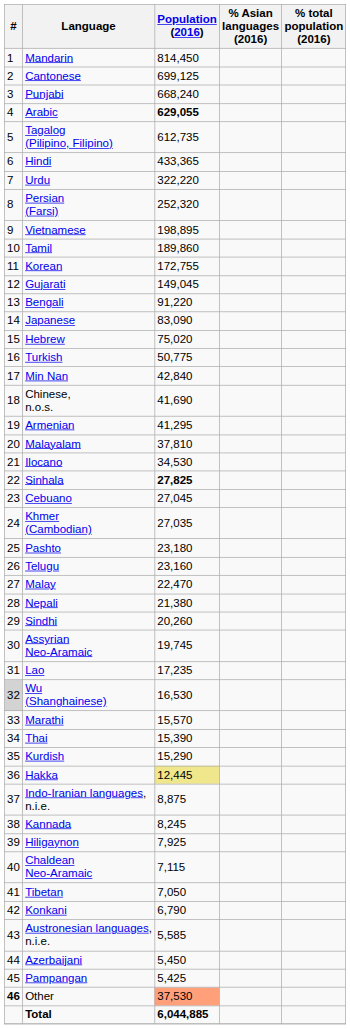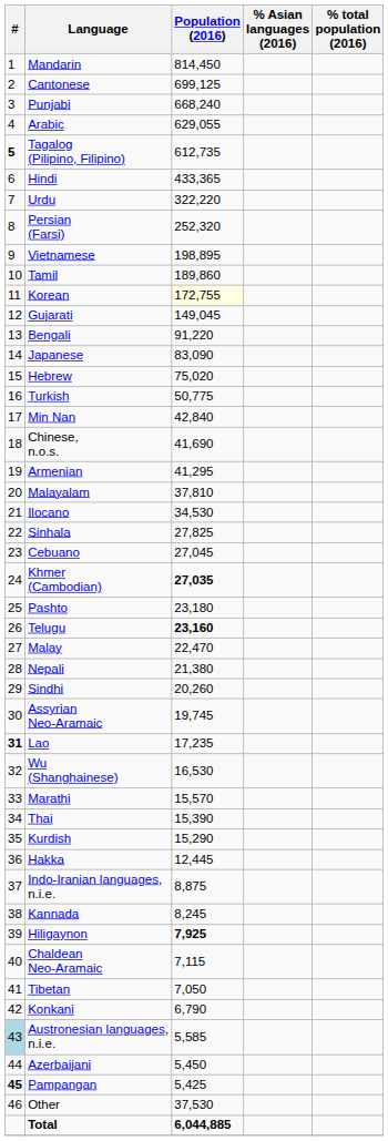 <table class="wikitable sortable">
 <tr>
 <th>#</th>
 <th>Language</th>
 <th><a href='#'>Population</a><br>(<a href='#'>2016</a>)</th>
 <th>% Asian<br>languages<br>(2016)</th>
 <th>% total<br>population<br>(2016)</th>
 </tr>
 <tr>
 <td>1</td>
 <td><a href='#'>Mandarin</a></td>
 <td>814,450</td>
 <td></td>
 <td></td>
 </tr>
 <tr>
 <td>2</td>
 <td><a href='#'>Cantonese</a></td>
 <td>699,125</td>
 <td></td>
 <td></td>
 </tr>
 <tr>
 <td>3</td>
 <td><a href='#'>Punjabi</a></td>
 <td>668,240</td>
 <td></td>
 <td></td>
 </tr>
 <tr>
 <td>4</td>
 <td><a href='#'>Arabic</a></td>
-<td><strong>629,055</strong></td>
+<td>629,055</td>
 <td></td>
 <td></td>
 </tr>
 <tr>
-<td>5</td>
+<td><strong>5</strong></td>
 <td><a href='#'>Tagalog<br>(Pilipino, Filipino)</a></td>
 <td>612,735</td>
 <td></td>
 <td></td>
 </tr>
 <tr>
 <td>6</td>
 <td><a href='#'>Hindi</a></td>
 <td>433,365</td>
 <td></td>
 <td></td>
 </tr>
 <tr>
 <td>7</td>
 <td><a href='#'>Urdu</a></td>
 <td>322,220</td>
 <td></td>
 <td></td>
 </tr>
 <tr>
 <td>8</td>
 <td><a href='#'>Persian<br>(Farsi)</a></td>
 <td>252,320</td>
 <td></td>
 <td></td>
 </tr>
 <tr>
 <td>9</td>
 <td><a href='#'>Vietnamese</a></td>
 <td>198,895</td>
 <td></td>
 <td></td>
 </tr>
 <tr>
 <td>10</td>
 <td><a href='#'>Tamil</a></td>
 <td>189,860</td>
 <td></td>
 <td></td>
 </tr>
 <tr>
 <td>11</td>
 <td><a href='#'>Korean</a></td>
-<td>172,755</td>
+<td style="background: lightyellow;">172,755</td>
 <td></td>
 <td></td>
 </tr>
 <tr>
 <td>12</td>
 <td><a href='#'>Gujarati</a></td>
 <td>149,045</td>
 <td></td>
 <td></td>
 </tr>
 <tr>
 <td>13</td>
 <td><a href='#'>Bengali</a></td>
 <td>91,220</td>
 <td></td>
 <td></td>
 </tr>
 <tr>
 <td>14</td>
 <td><a href='#'>Japanese</a></td>
 <td>83,090</td>
 <td></td>
 <td></td>
 </tr>
 <tr>
 <td>15</td>
 <td><a href='#'>Hebrew</a></td>
 <td>75,020</td>
 <td></td>
 <td></td>
 </tr>
 <tr>
 <td>16</td>
 <td><a href='#'>Turkish</a></td>
 <td>50,775</td>
 <td></td>
 <td></td>
 </tr>
 <tr>
 <td>17</td>
 <td><a href='#'>Min Nan</a></td>
 <td>42,840</td>
 <td></td>
 <td></td>
 </tr>
 <tr>
 <td>18</td>
 <td>Chinese,<br>n.o.s.</td>
 <td>41,690</td>
 <td></td>
 <td></td>
 </tr>
 <tr>
 <td>19</td>
 <td><a href='#'>Armenian</a></td>
 <td>41,295</td>
 <td></td>
 <td></td>
 </tr>
 <tr>
 <td>20</td>
 <td><a href='#'>Malayalam</a></td>
 <td>37,810</td>
 <td></td>
 <td></td>
 </tr>
 <tr>
 <td>21</td>
 <td><a href='#'>Ilocano</a></td>
 <td>34,530</td>
 <td></td>
 <td></td>
 </tr>
 <tr>
 <td>22</td>
 <td><a href='#'>Sinhala</a></td>
-<td><strong>27,825</strong></td>
+<td>27,825</td>
 <td></td>
 <td></td>
 </tr>
 <tr>
 <td>23</td>
 <td><a href='#'>Cebuano</a></td>
 <td>27,045</td>
 <td></td>
 <td></td>
 </tr>
 <tr>
 <td>24</td>
 <td><a href='#'>Khmer<br>(Cambodian)</a></td>
-<td>27,035</td>
+<td><strong>27,035</strong></td>
 <td></td>
 <td></td>
 </tr>
 <tr>
 <td>25</td>
 <td><a href='#'>Pashto</a></td>
 <td>23,180</td>
 <td></td>
 <td></td>
 </tr>
 <tr>
 <td>26</td>
 <td><a href='#'>Telugu</a></td>
-<td>23,160</td>
+<td><strong>23,160</strong></td>
 <td></td>
 <td></td>
 </tr>
 <tr>
 <td>27</td>
 <td><a href='#'>Malay</a></td>
 <td>22,470</td>
 <td></td>
 <td></td>
 </tr>
 <tr>
 <td>28</td>
 <td><a href='#'>Nepali</a></td>
 <td>21,380</td>
 <td></td>
 <td></td>
 </tr>
 <tr>
 <td>29</td>
 <td><a href='#'>Sindhi</a></td>
 <td>20,260</td>
 <td></td>
 <td></td>
 </tr>
 <tr>
 <td>30</td>
 <td><a href='#'>Assyrian<br>Neo-Aramaic</a></td>
 <td>19,745</td>
 <td></td>
 <td></td>
 </tr>
 <tr>
-<td>31</td>
+<td><strong>31</strong></td>
 <td><a href='#'>Lao</a></td>
 <td>17,235</td>
 <td></td>
 <td></td>
 </tr>
 <tr>
-<td style="background: lightgrey;">32</td>
+<td>32</td>
 <td><a href='#'>Wu<br>(Shanghainese)</a></td>
 <td>16,530</td>
 <td></td>
 <td></td>
 </tr>
 <tr>
 <td>33</td>
 <td><a href='#'>Marathi</a></td>
 <td>15,570</td>
 <td></td>
 <td></td>
 </tr>
 <tr>
 <td>34</td>
 <td><a href='#'>Thai</a></td>
 <td>15,390</td>
 <td></td>
 <td></td>
 </tr>
 <tr>
 <td>35</td>
 <td><a href='#'>Kurdish</a></td>
 <td>15,290</td>
 <td></td>
 <td></td>
 </tr>
 <tr>
 <td>36</td>
 <td><a href='#'>Hakka</a></td>
-<td style="background: khaki;">12,445</td>
+<td>12,445</td>
 <td></td>
 <td></td>
 </tr>
 <tr>
 <td>37</td>
 <td><a href='#'>Indo-Iranian languages</a>,<br>n.i.e.</td>
 <td>8,875</td>
 <td></td>
 <td></td>
 </tr>
 <tr>
 <td>38</td>
 <td><a href='#'>Kannada</a></td>
 <td>8,245</td>
 <td></td>
 <td></td>
 </tr>
 <tr>
 <td>39</td>
 <td><a href='#'>Hiligaynon</a></td>
-<td>7,925</td>
+<td><strong>7,925</strong></td>
 <td></td>
 <td></td>
 </tr>
 <tr>
 <td>40</td>
 <td><a href='#'>Chaldean<br>Neo-Aramaic</a></td>
 <td>7,115</td>
 <td></td>
 <td></td>
 </tr>
 <tr>
 <td>41</td>
 <td><a href='#'>Tibetan</a></td>
 <td>7,050</td>
 <td></td>
 <td></td>
 </tr>
 <tr>
 <td>42</td>
 <td><a href='#'>Konkani</a></td>
 <td>6,790</td>
 <td></td>
 <td></td>
 </tr>
 <tr>
-<td>43</td>
+<td style="background: lightblue;">43</td>
 <td><a href='#'>Austronesian languages</a>,<br>n.i.e.</td>
 <td>5,585</td>
 <td></td>
 <td></td>
 </tr>
 <tr>
 <td>44</td>
 <td><a href='#'>Azerbaijani</a></td>
 <td>5,450</td>
 <td></td>
 <td></td>
 </tr>
 <tr>
-<td>45</td>
+<td><strong>45</strong></td>
 <td><a href='#'>Pampangan</a></td>
 <td>5,425</td>
 <td></td>
 <td></td>
 </tr>
 <tr>
-<td><strong>46</strong></td>
+<td>46</td>
 <td>Other</td>
-<td style="background: lightsalmon;">37,530</td>
+<td>37,530</td>
 <td></td>
 <td></td>
 </tr>
 <tr>
 <td></td>
 <td><strong>Total</strong></td>
 <td><strong>6,044,885</strong></td>
 <td><strong></strong></td>
 <td><strong></strong></td>
 </tr>
 <tr>
 </tr>
 </table>
